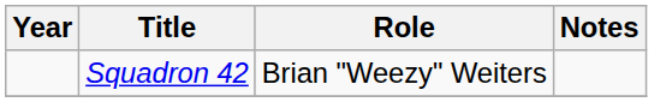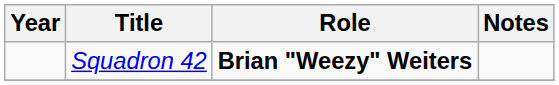 <table class="wikitable unsortable">
 <tr>
 <th>Year</th>
 <th>Title</th>
 <th>Role</th>
 <th>Notes</th>
 </tr>
 <tr>
 <td></td>
 <td><em><a href='#'>Squadron 42</a></em></td>
-<td>Brian "Weezy" Weiters</td>
+<td><strong>Brian "Weezy" Weiters</strong></td>
 <td></td>
 </tr>
 <tr>
 </tr>
 </table>
